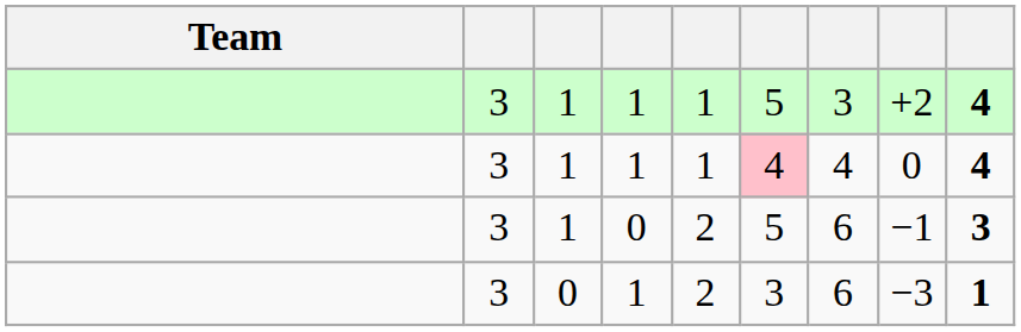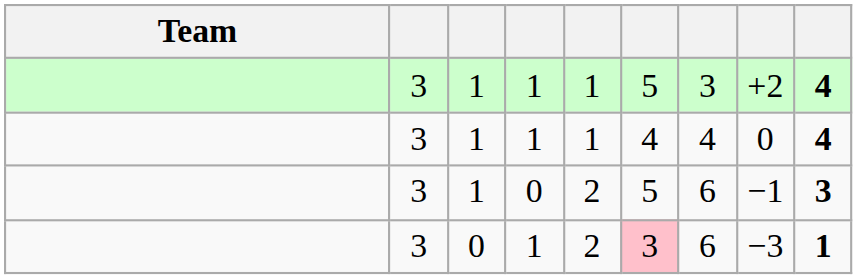 <table class="wikitable" style="text-align:center">
 <tr>
 <th width="175">Team</th>
 <th width="20"></th>
 <th width="20"></th>
 <th width="20"></th>
 <th width="20"></th>
 <th width="20"></th>
 <th width="20"></th>
 <th width="20"></th>
 <th width="20"></th>
 </tr>
 <tr bgcolor=#ccffcc>
 <td align=left></td>
 <td>3</td>
 <td>1</td>
 <td>1</td>
 <td>1</td>
 <td>5</td>
 <td>3</td>
 <td>+2</td>
 <td><strong>4</strong></td>
 </tr>
 <tr>
 <td align=left></td>
 <td>3</td>
 <td>1</td>
 <td>1</td>
 <td>1</td>
-<td style="background: pink;">4</td>
+<td>4</td>
 <td>4</td>
 <td>0</td>
 <td><strong>4</strong></td>
 </tr>
 <tr>
 <td align=left></td>
 <td>3</td>
 <td>1</td>
 <td>0</td>
 <td>2</td>
 <td>5</td>
 <td>6</td>
 <td>−1</td>
 <td><strong>3</strong></td>
 </tr>
 <tr>
 <td align=left></td>
 <td>3</td>
 <td>0</td>
 <td>1</td>
 <td>2</td>
-<td>3</td>
+<td style="background: pink;">3</td>
 <td>6</td>
 <td>−3</td>
 <td><strong>1</strong></td>
 </tr>
 </table>
